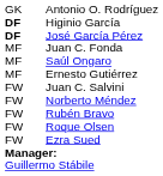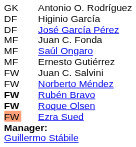 <table cellspacing="0" cellpadding="0" style="font-size:90%; margin:0.2em auto;">
 <tr>
 <th width="25"></th>
 <th width="25"></th>
 </tr>
 <tr>
 <td>GK</td>
 <td></td>
 <td> Antonio O. Rodríguez</td>
 </tr>
 <tr>
-<td><strong>DF</strong></td>
+<td>DF</td>
 <td></td>
 <td> Higinio García</td>
 </tr>
 <tr>
-<td><strong>DF</strong></td>
+<td>DF</td>
 <td></td>
 <td> <a href='#'>José García Pérez</a></td>
 </tr>
 <tr>
 <td>MF</td>
 <td></td>
 <td> Juan C. Fonda</td>
 </tr>
 <tr>
 <td>MF</td>
 <td></td>
 <td> <a href='#'>Saúl Ongaro</a></td>
 </tr>
 <tr>
 <td>MF</td>
 <td></td>
 <td> Ernesto Gutiérrez</td>
 </tr>
 <tr>
 <td>FW</td>
 <td></td>
 <td> Juan C. Salvini</td>
 </tr>
 <tr>
 <td>FW</td>
 <td></td>
 <td> <a href='#'>Norberto Méndez</a></td>
 </tr>
 <tr>
-<td>FW</td>
+<td><strong>FW</strong></td>
 <td></td>
 <td> <a href='#'>Rubén Bravo</a></td>
 </tr>
 <tr>
-<td>FW</td>
+<td><strong>FW</strong></td>
 <td></td>
 <td> <a href='#'>Roque Olsen</a></td>
 </tr>
 <tr>
-<td>FW</td>
+<td style="background: lightsalmon;">FW</td>
 <td></td>
 <td> <a href='#'>Ezra Sued</a></td>
 </tr>
 <tr>
 <td colspan=4><strong>Manager:</strong></td>
 </tr>
 <tr>
 <td colspan="4"> <a href='#'>Guillermo Stábile</a></td>
 </tr>
 </table>
